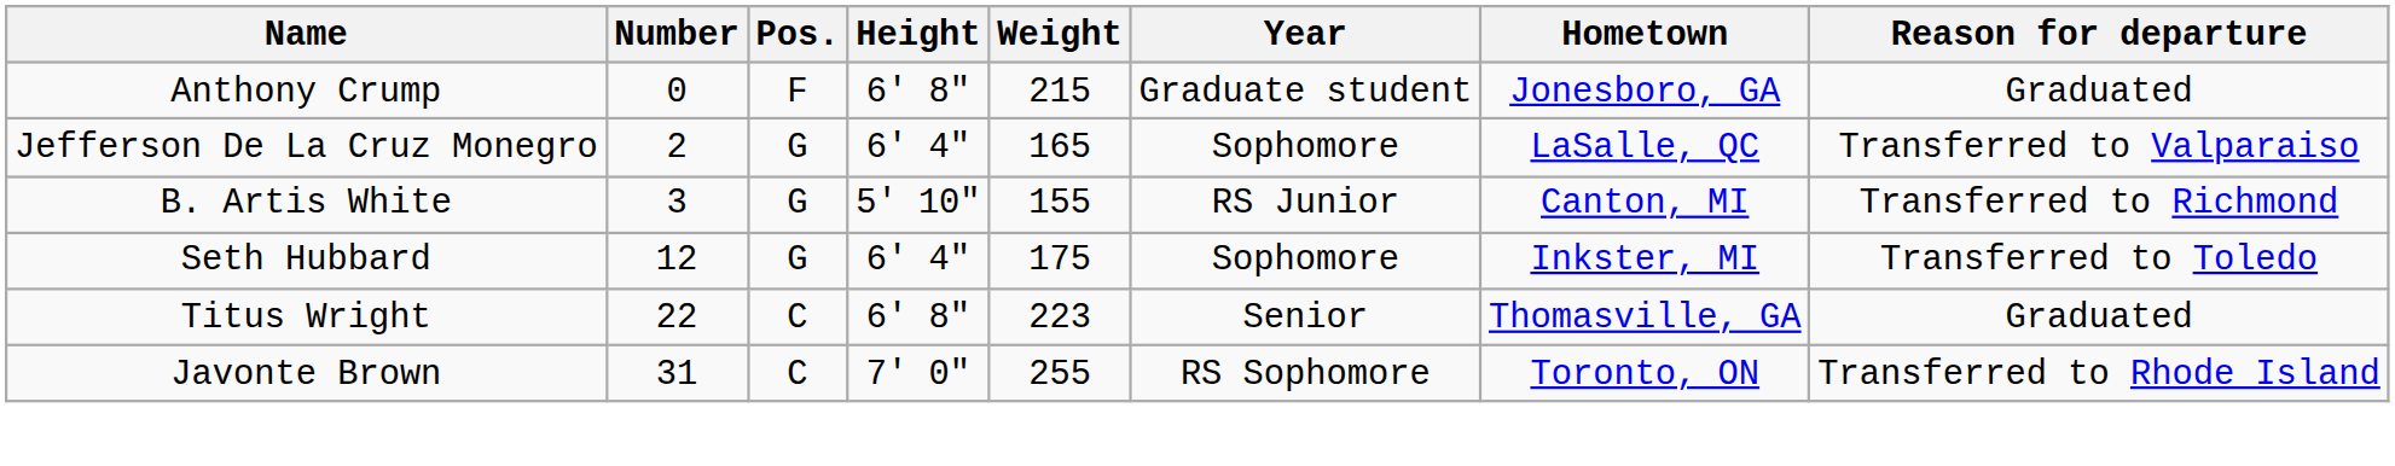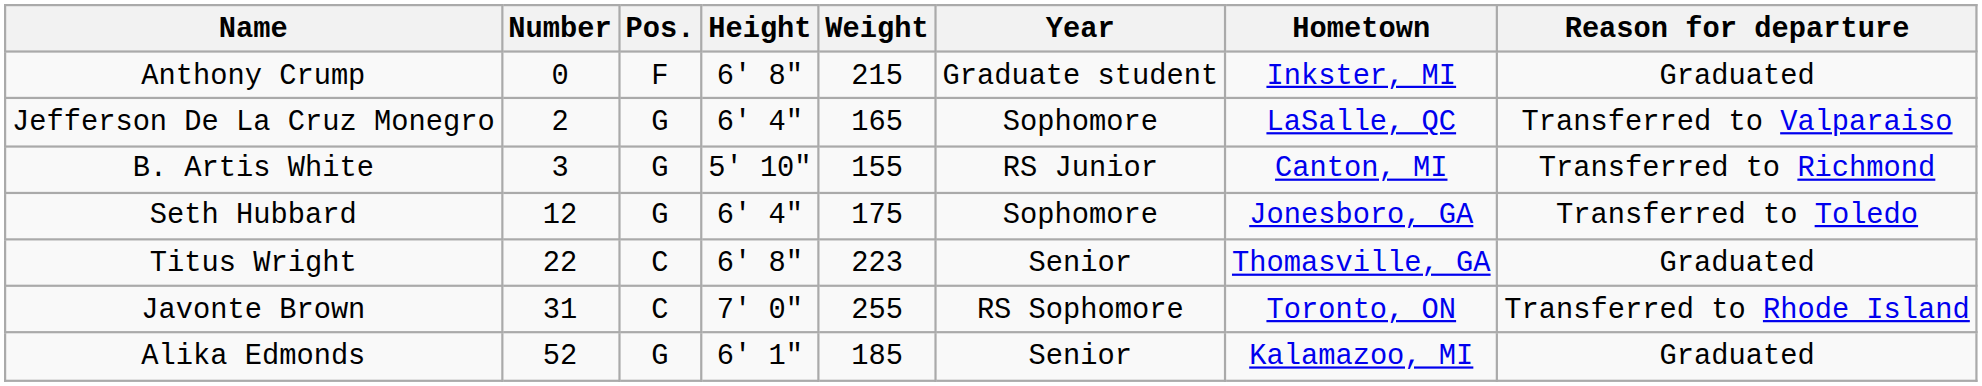 <table class="wikitable sortable" style="text-align:center">
 <tr align=center>
 <th>Name</th>
 <th>Number</th>
 <th>Pos.</th>
 <th>Height</th>
 <th>Weight</th>
 <th>Year</th>
 <th>Hometown</th>
 <th class="unsortable">Reason for departure</th>
 </tr>
 <tr>
 <td>Anthony Crump</td>
 <td>0</td>
 <td>F</td>
 <td>6' 8"</td>
 <td>215</td>
 <td>Graduate student</td>
-<td><a href='#'>Jonesboro, GA</a></td>
+<td><a href='#'>Inkster, MI</a></td>
 <td>Graduated</td>
 </tr>
 <tr>
 <td>Jefferson De La Cruz Monegro</td>
 <td>2</td>
 <td>G</td>
 <td>6' 4"</td>
 <td>165</td>
 <td>Sophomore</td>
 <td><a href='#'>LaSalle, QC</a></td>
 <td>Transferred to <a href='#'>Valparaiso</a></td>
 </tr>
 <tr>
 <td>B. Artis White</td>
 <td>3</td>
 <td>G</td>
 <td>5' 10"</td>
 <td>155</td>
 <td>RS Junior</td>
 <td><a href='#'>Canton, MI</a></td>
 <td>Transferred to <a href='#'>Richmond</a></td>
 </tr>
 <tr>
 <td>Seth Hubbard</td>
 <td>12</td>
 <td>G</td>
 <td>6' 4"</td>
 <td>175</td>
 <td>Sophomore</td>
-<td><a href='#'>Inkster, MI</a></td>
+<td><a href='#'>Jonesboro, GA</a></td>
 <td>Transferred to <a href='#'>Toledo</a></td>
 </tr>
 <tr>
 <td>Titus Wright</td>
 <td>22</td>
 <td>C</td>
 <td>6' 8"</td>
 <td>223</td>
 <td>Senior</td>
 <td><a href='#'>Thomasville, GA</a></td>
 <td>Graduated</td>
 </tr>
 <tr>
 <td>Javonte Brown</td>
 <td>31</td>
 <td>C</td>
 <td>7' 0"</td>
 <td>255</td>
 <td>RS Sophomore</td>
 <td><a href='#'>Toronto, ON</a></td>
 <td>Transferred to <a href='#'>Rhode Island</a></td>
 </tr>
+<tr>
+<td>Alika Edmonds</td>
+<td>52</td>
+<td>G</td>
+<td>6' 1"</td>
+<td>185</td>
+<td>Senior</td>
+<td><a href='#'>Kalamazoo, MI</a></td>
+<td>Graduated</td>
+</tr>
 </table>
